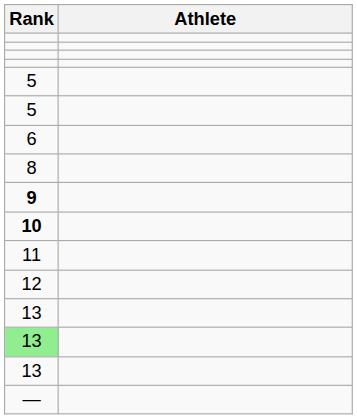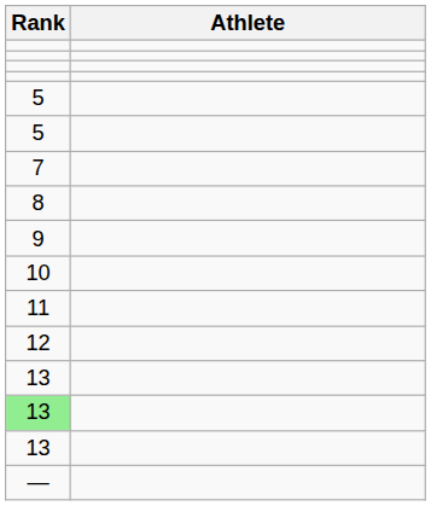 <table class="wikitable" style="text-align: center;">
 <tr>
 <th width=40>Rank</th>
 <th width=250>Athlete</th>
 </tr>
 <tr>
 <td></td>
 <td align=left></td>
 </tr>
 <tr>
 <td></td>
 <td align=left></td>
 </tr>
 <tr>
 <td></td>
 <td align=left></td>
 </tr>
 <tr>
 <td></td>
 <td align=left></td>
 </tr>
 <tr>
 <td>5</td>
 <td align=left></td>
 </tr>
 <tr>
 <td>5</td>
 <td align=left></td>
 </tr>
 <tr>
-<td>6</td>
+<td>7</td>
 <td align=left></td>
 </tr>
 <tr>
 <td>8</td>
 <td align=left></td>
 </tr>
 <tr>
-<td><strong>9</strong></td>
+<td>9</td>
 <td align=left></td>
 </tr>
 <tr>
-<td><strong>10</strong></td>
+<td>10</td>
 <td align=left></td>
 </tr>
 <tr>
 <td>11</td>
 <td align=left></td>
 </tr>
 <tr>
 <td>12</td>
 <td align=left></td>
 </tr>
 <tr>
 <td>13</td>
 <td align=left></td>
 </tr>
 <tr>
 <td style="background: lightgreen;">13</td>
 <td align=left></td>
 </tr>
 <tr>
 <td>13</td>
 <td align=left></td>
 </tr>
 <tr>
 <td>—</td>
 <td align=left></td>
 </tr>
 </table>
